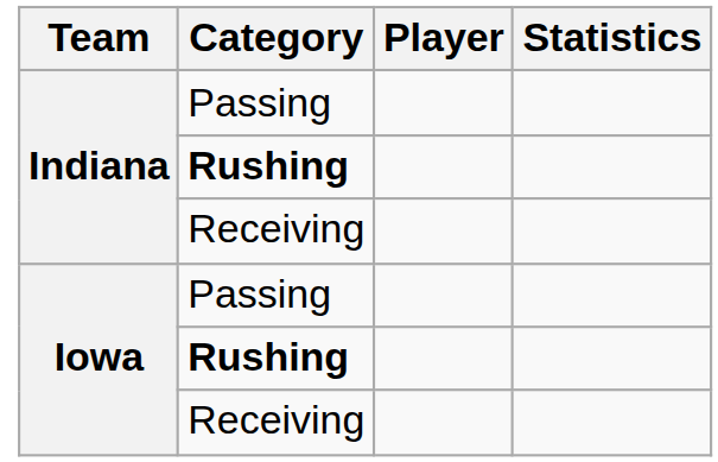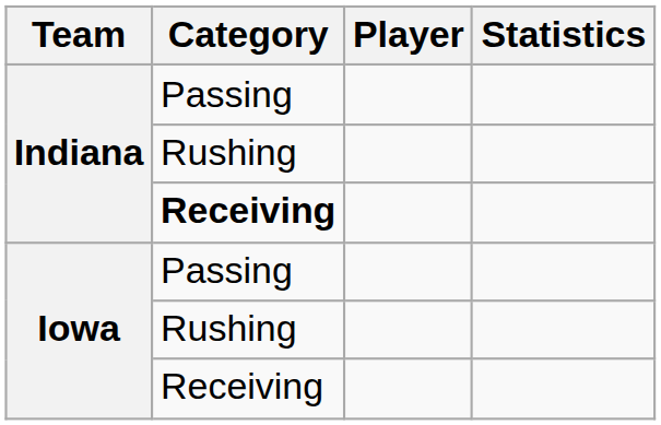 <table class="wikitable" style="float:right">
 <tr>
 <th>Team</th>
 <th>Category</th>
 <th>Player</th>
 <th>Statistics</th>
 </tr>
 <tr>
 <th rowspan=3>Indiana</th>
 <td>Passing</td>
 <td></td>
 <td></td>
 </tr>
 <tr>
-<td><strong>Rushing</strong></td>
+<td>Rushing</td>
 <td></td>
 <td></td>
 </tr>
 <tr>
-<td>Receiving</td>
+<td><strong>Receiving</strong></td>
 <td></td>
 <td></td>
 </tr>
 <tr>
 <th rowspan=3>Iowa</th>
 <td>Passing</td>
 <td></td>
 <td></td>
 </tr>
 <tr>
-<td><strong>Rushing</strong></td>
+<td>Rushing</td>
 <td></td>
 <td></td>
 </tr>
 <tr>
 <td>Receiving</td>
 <td></td>
 <td></td>
 </tr>
 </table>
